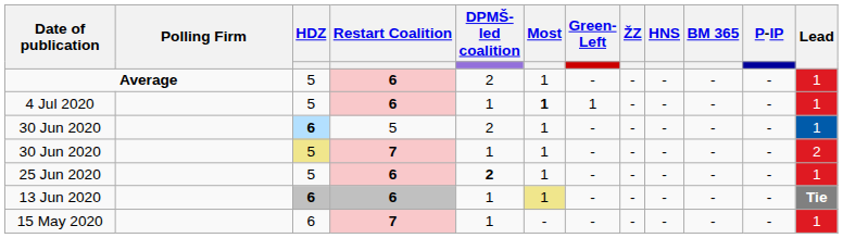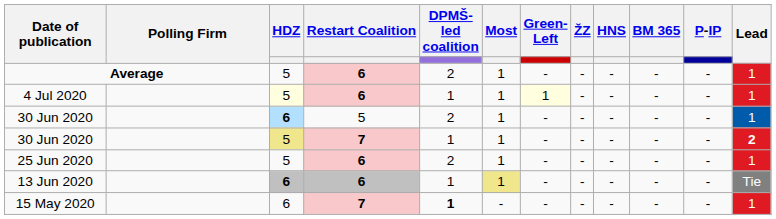 <table class="wikitable sortable" style="text-align:center; font-size:90%; line-height:16px;">
 <tr style="height:42px;">
 <th style="width:100px;" rowspan="2">Date of publication</th>
 <th style="width:165px;" rowspan="2">Polling Firm</th>
 <th class="unsortable"><a href='#'>HDZ</a></th>
 <th class="unsortable"><a href='#'>Restart Coalition</a></th>
 <th class="unsortable"><a href='#'>DPMŠ-led coalition</a></th>
 <th class="unsortable"><a href='#'>Most</a></th>
 <th class="unsortable"><a href='#'>Green-Left</a></th>
 <th class="unsortable"><a href='#'>ŽZ</a></th>
 <th class="unsortable"><a href='#'>HNS</a></th>
 <th class="unsortable"><a href='#'>BM 365</a></th>
 <th class="unsortable"><a href='#'>P</a>-<a href='#'>IP</a></th>
 <th class="unsortable" style="width:20px;" rowspan="2">Lead</th>
 </tr>
 <tr>
 <th class="unsortable" style="color:inherit;background:"></th>
 <th class="unsortable" style="color:inherit;background:"></th>
 <th class="unsortable" style="color:inherit;background:#9370db; width:45px;"></th>
 <th class="unsortable" style="color:inherit;background:"></th>
 <th class="unsortable" style="background:#cc0000" width="45px"></th>
 <th class="unsortable" style="color:inherit;background:"></th>
 <th class="unsortable" style="color:inherit;background:"></th>
 <th class="unsortable" style="color:inherit;background:"></th>
 <th class="unsortable" style="color:inherit;background:#00009a; width:45px;"></th>
 </tr>
 <tr>
 <td colspan="2"><strong>Average</strong></td>
 <td>5</td>
 <td style="background:#F9C8CA"><strong>6</strong></td>
 <td>2</td>
 <td>1</td>
 <td>-</td>
 <td>-</td>
 <td>-</td>
 <td>-</td>
 <td>-</td>
 <td style="background:#DF1A22; color:white;">1</td>
 </tr>
 <tr>
 <td>4 Jul 2020</td>
 <td></td>
-<td>5</td>
+<td style="background: lightyellow;">5</td>
 <td style="background:#F9C8CA"><strong>6</strong></td>
 <td>1</td>
-<td><strong>1</strong></td>
 <td>1</td>
+<td style="background: lightyellow;">1</td>
 <td>-</td>
 <td>-</td>
 <td>-</td>
 <td>-</td>
 <td style="background:#DF1A22; color:white;">1</td>
 </tr>
 <tr>
 <td>30 Jun 2020</td>
 <td></td>
 <td style="background:#B3E0FF"><strong>6</strong></td>
 <td>5</td>
 <td>2</td>
 <td>1</td>
 <td>-</td>
 <td>-</td>
 <td>-</td>
 <td>-</td>
 <td>-</td>
 <td style="background:#005BAA; color:white;">1</td>
 </tr>
 <tr>
 <td>30 Jun 2020</td>
 <td></td>
 <td style="background: khaki;">5</td>
 <td style="background:#F9C8CA"><strong>7</strong></td>
 <td>1</td>
 <td>1</td>
 <td>-</td>
 <td>-</td>
 <td>-</td>
 <td>-</td>
 <td>-</td>
-<td style="background:#DF1A22; color:white;">2</td>
+<td style="background:#DF1A22; color:white;"><strong>2</strong></td>
 </tr>
 <tr>
 <td>25 Jun 2020</td>
 <td></td>
 <td>5</td>
 <td style="background:#F9C8CA"><strong>6</strong></td>
-<td><strong>2</strong></td>
+<td>2</td>
 <td>1</td>
 <td>-</td>
 <td>-</td>
 <td>-</td>
 <td>-</td>
 <td>-</td>
 <td style="background:#DF1A22; color:white;">1</td>
 </tr>
 <tr>
 <td>13 Jun 2020</td>
 <td></td>
 <td style="background:#C0C0C0"><strong>6</strong></td>
 <td style="background:#C0C0C0"><strong>6</strong></td>
 <td>1</td>
 <td style="background: khaki;">1</td>
 <td>-</td>
 <td>-</td>
 <td>-</td>
 <td>-</td>
 <td>-</td>
-<td style="background:#808080; color:white;"><strong>Tie</strong></td>
+<td style="background:#808080; color:white;">Tie</td>
 </tr>
 <tr>
 <td>15 May 2020</td>
 <td></td>
 <td>6</td>
 <td style="background:#F9C8CA"><strong>7</strong></td>
-<td>1</td>
+<td><strong>1</strong></td>
 <td>-</td>
 <td>-</td>
 <td>-</td>
 <td>-</td>
 <td>-</td>
 <td>-</td>
 <td style="background:#DF1A22; color:white;">1</td>
 </tr>
 </table>
